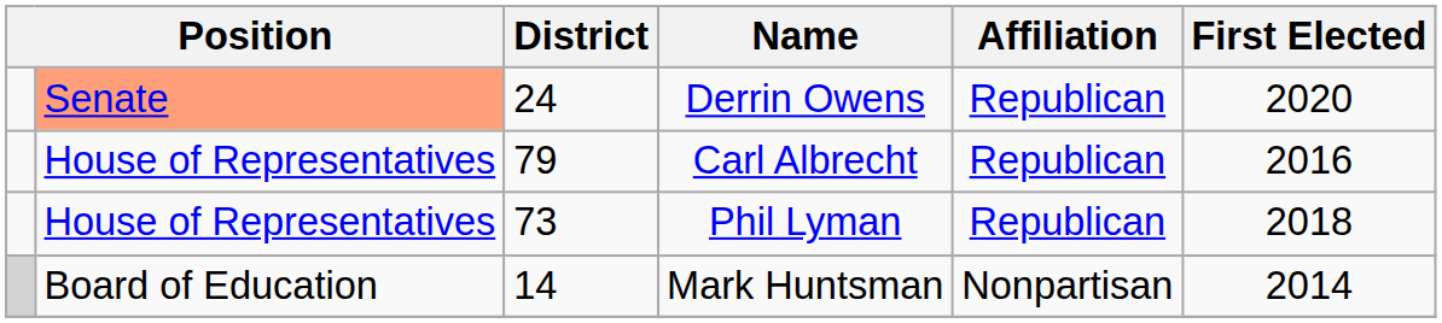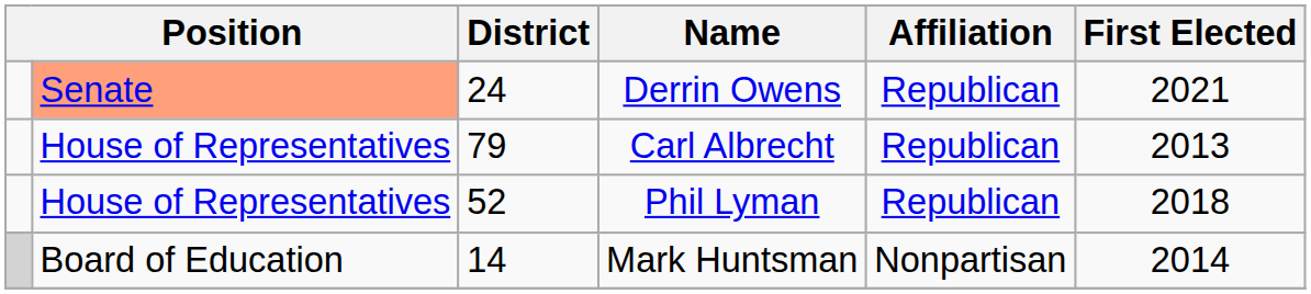 <table class="wikitable">
 <tr>
 <th colspan="2" style="text-align:center; vertical-align:bottom;">Position</th>
 <th>District</th>
 <th style="text-align:center;">Name</th>
 <th valign="bottom">Affiliation</th>
 <th style="vertical-align:bottom; text-align:center;">First Elected</th>
 </tr>
 <tr>
 <td style="background-color:"> </td>
 <td style="background: lightsalmon;"><a href='#'>Senate</a></td>
 <td>24</td>
 <td style="text-align:center;"><a href='#'>Derrin Owens</a></td>
 <td style="text-align:center;"><a href='#'>Republican</a></td>
-<td style="text-align:center;">2020</td>
+<td style="text-align:center;">2021</td>
 </tr>
 <tr>
 <td style="background-color:"> </td>
 <td><a href='#'>House of Representatives</a></td>
 <td>79</td>
 <td style="text-align:center;"><a href='#'>Carl Albrecht</a></td>
 <td style="text-align:center;"><a href='#'>Republican</a></td>
-<td style="text-align:center;">2016</td>
+<td style="text-align:center;">2013</td>
 </tr>
 <tr>
 <td style="background-color:"> </td>
 <td><a href='#'>House of Representatives</a></td>
-<td>73</td>
+<td>52</td>
 <td style="text-align:center;"><a href='#'>Phil Lyman</a></td>
 <td style="text-align:center;"><a href='#'>Republican</a></td>
 <td style="text-align:center;">2018</td>
 </tr>
 <tr>
 <td style="background-color:lightgrey"> </td>
 <td>Board of Education</td>
 <td>14</td>
 <td style="text-align:center;">Mark Huntsman</td>
 <td style="text-align:center;">Nonpartisan</td>
 <td style="text-align:center;">2014</td>
 </tr>
 <tr>
 </tr>
 </table>
